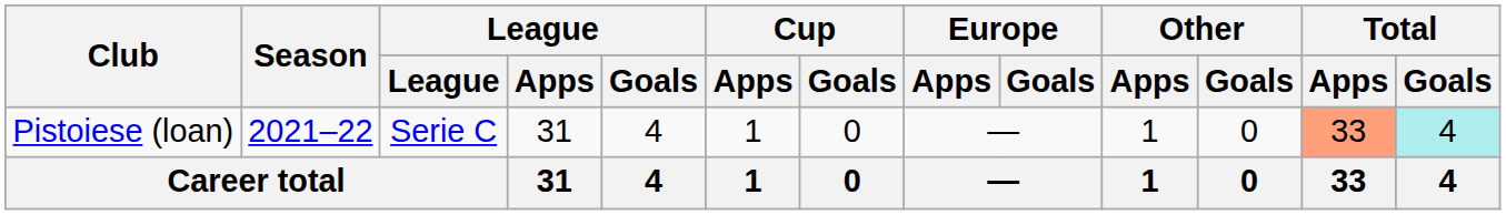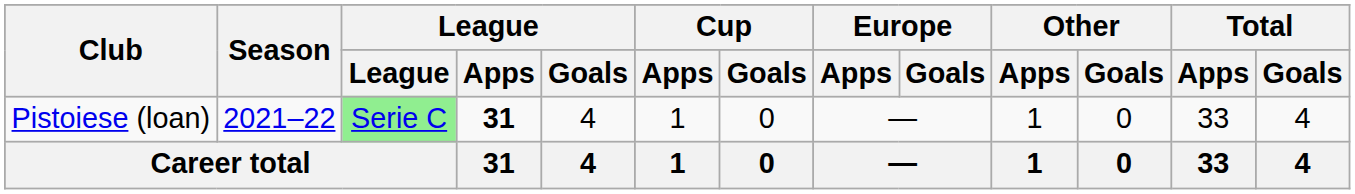 <table class="wikitable" style="text-align: center;">
 <tr>
 <th rowspan="2">Club</th>
 <th rowspan="2">Season</th>
 <th colspan="3">League</th>
 <th colspan="2">Cup</th>
 <th colspan="2">Europe</th>
 <th colspan="2">Other</th>
 <th colspan="2">Total</th>
 </tr>
 <tr>
 <th>League</th>
 <th>Apps</th>
 <th>Goals</th>
 <th>Apps</th>
 <th>Goals</th>
 <th>Apps</th>
 <th>Goals</th>
 <th>Apps</th>
 <th>Goals</th>
 <th>Apps</th>
 <th>Goals</th>
 </tr>
 <tr>
 <td><a href='#'>Pistoiese</a> (loan)</td>
 <td><a href='#'>2021–22</a></td>
-<td><a href='#'>Serie C</a></td>
-<td>31</td>
+<td style="background: lightgreen;"><a href='#'>Serie C</a></td>
+<td><strong>31</strong></td>
 <td>4</td>
 <td>1</td>
 <td>0</td>
 <td colspan="2">—</td>
 <td>1</td>
 <td>0</td>
-<td style="background: lightsalmon;">33</td>
-<td style="background: paleturquoise;">4</td>
+<td>33</td>
+<td>4</td>
 </tr>
 <tr>
 <th colspan="3">Career total</th>
 <th>31</th>
 <th>4</th>
 <th>1</th>
 <th>0</th>
 <th colspan="2">—</th>
 <th>1</th>
 <th>0</th>
 <th>33</th>
 <th>4</th>
 </tr>
 </table>
